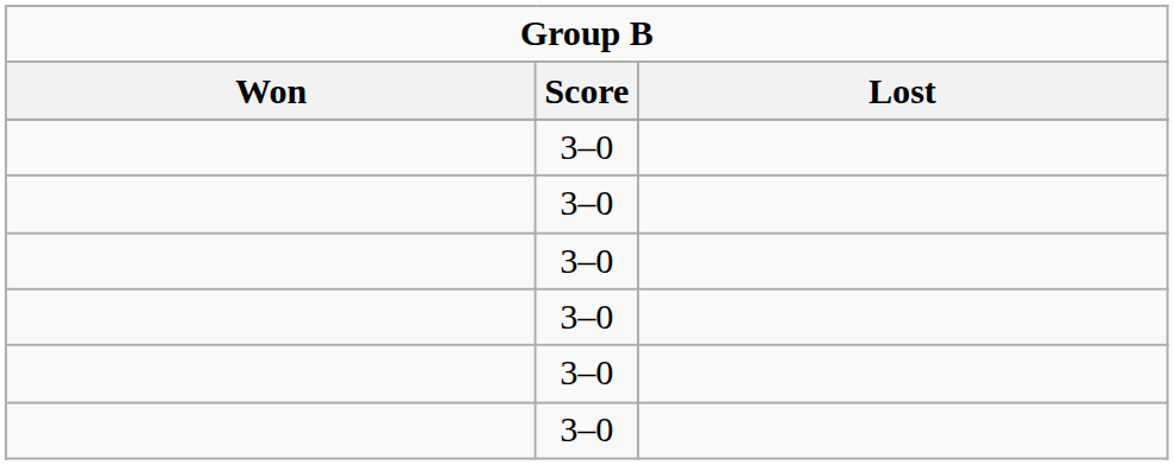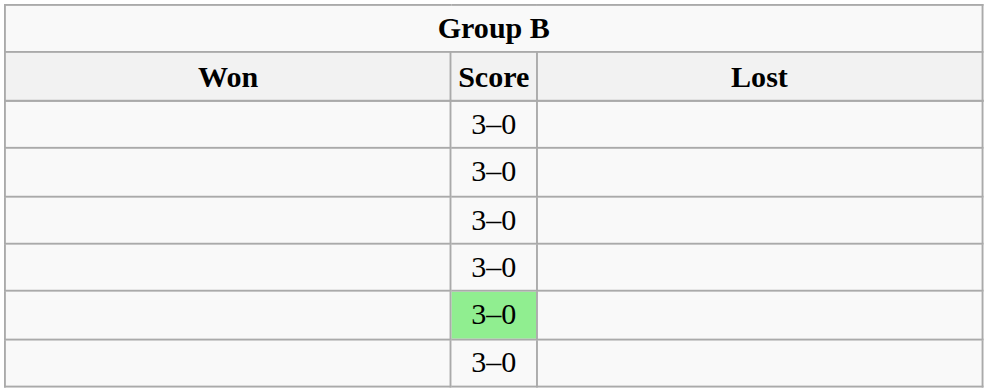 <table class="wikitable" style="text-align: center;">
 <tr>
 <td colspan="3"><strong>Group B</strong></td>
 </tr>
 <tr>
 <th scope="col" style="width: 230px;">Won</th>
 <th scope="col" style="width: 30px;">Score</th>
 <th scope="col" style="width: 230px;">Lost</th>
 </tr>
 <tr>
 </tr>
 <tr>
 <td></td>
 <td>3–0</td>
 <td></td>
 </tr>
 <tr>
 <td></td>
 <td>3–0</td>
 <td></td>
 </tr>
 <tr>
 <td></td>
 <td>3–0</td>
 <td></td>
 </tr>
 <tr>
 <td></td>
 <td>3–0</td>
 <td></td>
 </tr>
 <tr>
 <td></td>
-<td>3–0</td>
+<td style="background: lightgreen;">3–0</td>
 <td></td>
 </tr>
 <tr>
 <td></td>
 <td>3–0</td>
 <td></td>
 </tr>
 </table>
